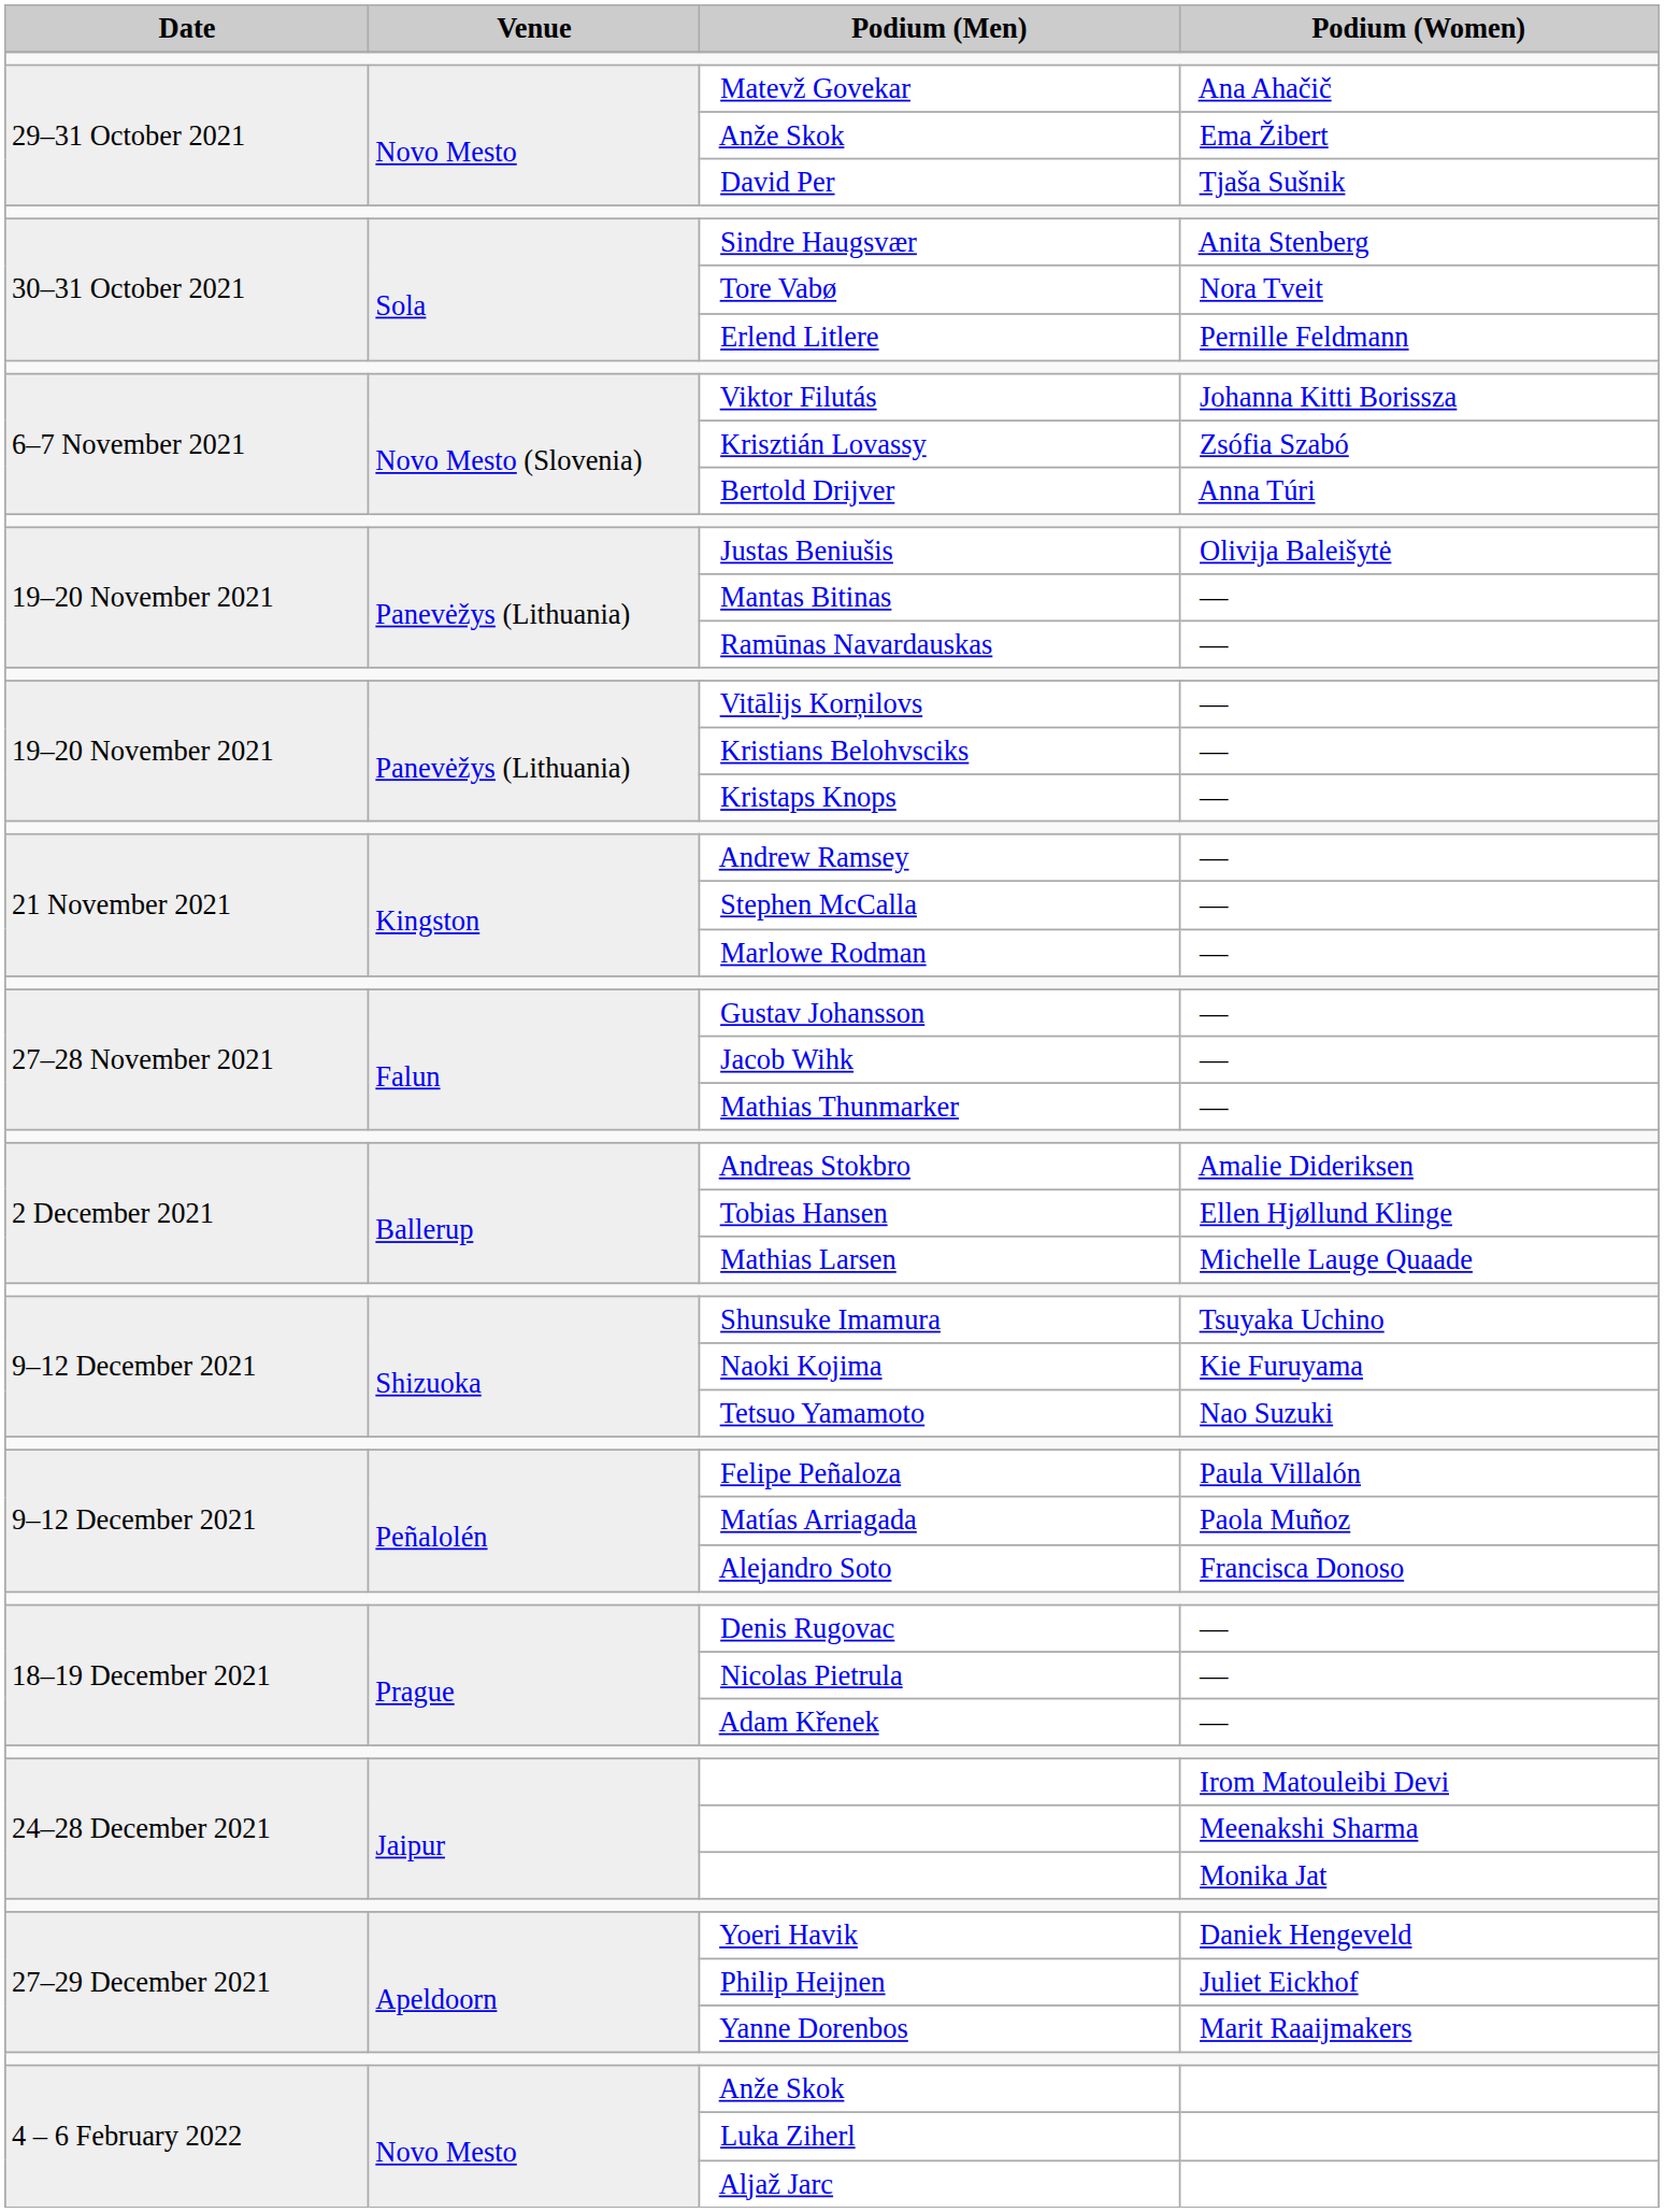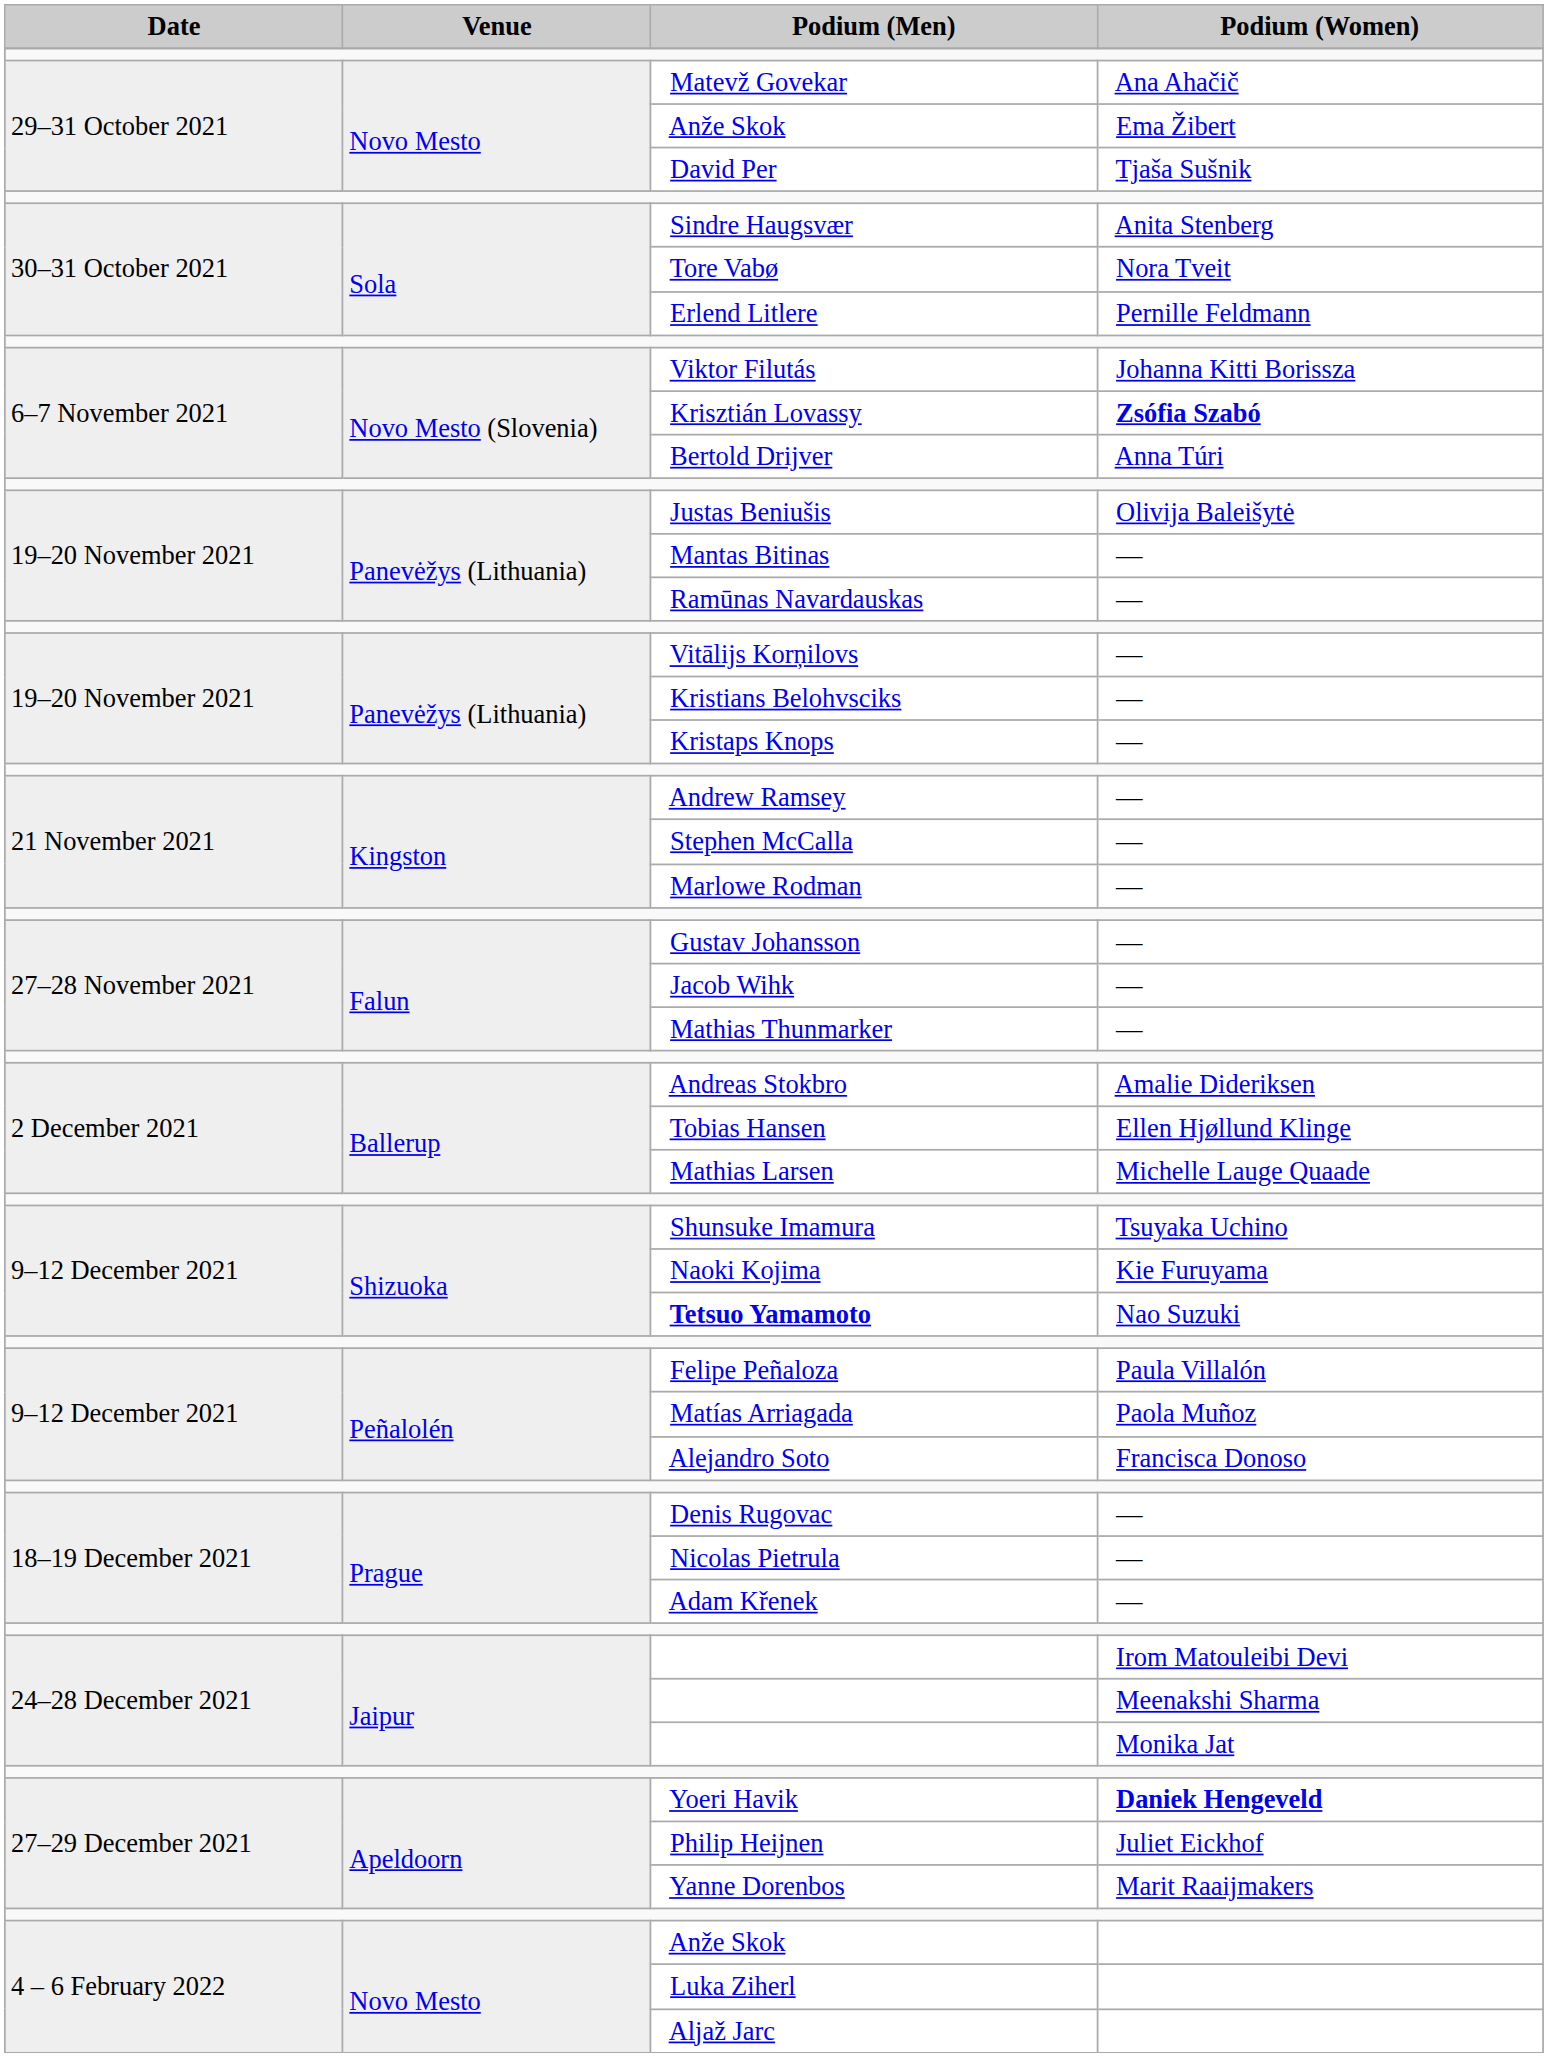 <table class="wikitable" width=70% bgcolor="#f7f8ff" cellpadding="3" cellspacing="0" border="1" style="font-size: 95%; border: gray solid 1px; border-collapse: collapse;">
 <tr bgcolor="#CCCCCC">
 <td align="center"><strong>Date</strong></td>
 <td width=20% align="center"><strong>Venue</strong></td>
 <td width=29% align="center"><strong>Podium (Men)</strong></td>
 <td width=29% align="center"><strong>Podium (Women)</strong></td>
 </tr>
 <tr bgcolor="#EFEFEF">
 </tr>
 <tr>
 <td colspan=4></td>
 </tr>
 <tr bgcolor="#EFEFEF">
 <td rowspan=3>29–31 October 2021</td>
 <td rowspan=3><br><a href='#'>Novo Mesto</a></td>
 <td bgcolor="#ffffff">   <a href='#'>Matevž Govekar</a></td>
 <td bgcolor="#ffffff">   <a href='#'>Ana Ahačič</a></td>
 </tr>
 <tr>
 <td bgcolor="#ffffff">   <a href='#'>Anže Skok</a></td>
 <td bgcolor="#ffffff">   <a href='#'>Ema Žibert</a></td>
 </tr>
 <tr>
 <td bgcolor="#ffffff">   <a href='#'>David Per</a></td>
 <td bgcolor="#ffffff">   <a href='#'>Tjaša Sušnik</a></td>
 </tr>
 <tr>
 <td colspan=4></td>
 </tr>
 <tr bgcolor="#EFEFEF">
 <td rowspan=3>30–31 October 2021</td>
 <td rowspan=3><br><a href='#'>Sola</a></td>
 <td bgcolor="#ffffff">   <a href='#'>Sindre Haugsvær</a></td>
 <td bgcolor="#ffffff">   <a href='#'>Anita Stenberg</a></td>
 </tr>
 <tr>
 <td bgcolor="#ffffff">   <a href='#'>Tore Vabø</a></td>
 <td bgcolor="#ffffff">   <a href='#'>Nora Tveit</a></td>
 </tr>
 <tr>
 <td bgcolor="#ffffff">   <a href='#'>Erlend Litlere</a></td>
 <td bgcolor="#ffffff">   <a href='#'>Pernille Feldmann</a></td>
 </tr>
 <tr>
 <td colspan=4></td>
 </tr>
 <tr bgcolor="#EFEFEF">
 <td rowspan=3>6–7 November 2021</td>
 <td rowspan=3><br><a href='#'>Novo Mesto</a> (Slovenia)</td>
 <td bgcolor="#ffffff">   <a href='#'>Viktor Filutás</a></td>
 <td bgcolor="#ffffff">   <a href='#'>Johanna Kitti Borissza</a></td>
 </tr>
 <tr>
 <td bgcolor="#ffffff">   <a href='#'>Krisztián Lovassy</a></td>
-<td bgcolor="#ffffff">   <a href='#'>Zsófia Szabó</a></td>
+<td bgcolor="#ffffff"><strong>   <a href='#'>Zsófia Szabó</a></strong></td>
 </tr>
 <tr>
 <td bgcolor="#ffffff">   <a href='#'>Bertold Drijver</a></td>
 <td bgcolor="#ffffff">   <a href='#'>Anna Túri</a></td>
 </tr>
 <tr>
 <td colspan=4></td>
 </tr>
 <tr bgcolor="#EFEFEF">
 <td rowspan=3>19–20 November 2021</td>
 <td rowspan=3><br><a href='#'>Panevėžys</a> (Lithuania)</td>
 <td bgcolor="#ffffff">   <a href='#'>Justas Beniušis</a></td>
 <td bgcolor="#ffffff">   <a href='#'>Olivija Baleišytė</a></td>
 </tr>
 <tr>
 <td bgcolor="#ffffff">   <a href='#'>Mantas Bitinas</a></td>
 <td bgcolor="#ffffff">   —</td>
 </tr>
 <tr>
 <td bgcolor="#ffffff">   <a href='#'>Ramūnas Navardauskas</a></td>
 <td bgcolor="#ffffff">   —</td>
 </tr>
 <tr>
 <td colspan=4></td>
 </tr>
 <tr bgcolor="#EFEFEF">
 <td rowspan=3>19–20 November 2021</td>
 <td rowspan=3><br><a href='#'>Panevėžys</a> (Lithuania)</td>
 <td bgcolor="#ffffff">   <a href='#'>Vitālijs Korņilovs</a></td>
 <td bgcolor="#ffffff">   —</td>
 </tr>
 <tr>
 <td bgcolor="#ffffff">   <a href='#'>Kristians Belohvsciks</a></td>
 <td bgcolor="#ffffff">   —</td>
 </tr>
 <tr>
 <td bgcolor="#ffffff">   <a href='#'>Kristaps Knops</a></td>
 <td bgcolor="#ffffff">   —</td>
 </tr>
 <tr>
 <td colspan=4></td>
 </tr>
 <tr bgcolor="#EFEFEF">
 <td rowspan=3>21 November 2021</td>
 <td rowspan=3><br><a href='#'>Kingston</a></td>
 <td bgcolor="#ffffff">   <a href='#'>Andrew Ramsey</a></td>
 <td bgcolor="#ffffff">   —</td>
 </tr>
 <tr>
 <td bgcolor="#ffffff">   <a href='#'>Stephen McCalla</a></td>
 <td bgcolor="#ffffff">   —</td>
 </tr>
 <tr>
 <td bgcolor="#ffffff">   <a href='#'>Marlowe Rodman</a></td>
 <td bgcolor="#ffffff">   —</td>
 </tr>
 <tr>
 <td colspan=4></td>
 </tr>
 <tr bgcolor="#EFEFEF">
 <td rowspan=3>27–28 November 2021</td>
 <td rowspan=3><br><a href='#'>Falun</a></td>
 <td bgcolor="#ffffff">   <a href='#'>Gustav Johansson</a></td>
 <td bgcolor="#ffffff">   —</td>
 </tr>
 <tr>
 <td bgcolor="#ffffff">   <a href='#'>Jacob Wihk</a></td>
 <td bgcolor="#ffffff">   —</td>
 </tr>
 <tr>
 <td bgcolor="#ffffff">   <a href='#'>Mathias Thunmarker</a></td>
 <td bgcolor="#ffffff">   —</td>
 </tr>
 <tr>
 <td colspan=4></td>
 </tr>
 <tr bgcolor="#EFEFEF">
 <td rowspan=3>2 December 2021</td>
 <td rowspan=3><br><a href='#'>Ballerup</a></td>
 <td bgcolor="#ffffff">   <a href='#'>Andreas Stokbro</a></td>
 <td bgcolor="#ffffff">   <a href='#'>Amalie Dideriksen</a></td>
 </tr>
 <tr>
 <td bgcolor="#ffffff">   <a href='#'>Tobias Hansen</a></td>
 <td bgcolor="#ffffff">   <a href='#'>Ellen Hjøllund Klinge</a></td>
 </tr>
 <tr>
 <td bgcolor="#ffffff">   <a href='#'>Mathias Larsen</a></td>
 <td bgcolor="#ffffff">   <a href='#'>Michelle Lauge Quaade</a></td>
 </tr>
 <tr>
 <td colspan=4></td>
 </tr>
 <tr bgcolor="#EFEFEF">
 <td rowspan=3>9–12 December 2021</td>
 <td rowspan=3><br><a href='#'>Shizuoka</a></td>
 <td bgcolor="#ffffff">   <a href='#'>Shunsuke Imamura</a></td>
 <td bgcolor="#ffffff">   <a href='#'>Tsuyaka Uchino</a></td>
 </tr>
 <tr>
 <td bgcolor="#ffffff">   <a href='#'>Naoki Kojima</a></td>
 <td bgcolor="#ffffff">   <a href='#'>Kie Furuyama</a></td>
 </tr>
 <tr>
-<td bgcolor="#ffffff">   <a href='#'>Tetsuo Yamamoto</a></td>
+<td bgcolor="#ffffff"><strong>   <a href='#'>Tetsuo Yamamoto</a></strong></td>
 <td bgcolor="#ffffff">   <a href='#'>Nao Suzuki</a></td>
 </tr>
 <tr>
 <td colspan=4></td>
 </tr>
 <tr bgcolor="#EFEFEF">
 <td rowspan=3>9–12 December 2021</td>
 <td rowspan=3><br><a href='#'>Peñalolén</a></td>
 <td bgcolor="#ffffff">   <a href='#'>Felipe Peñaloza</a></td>
 <td bgcolor="#ffffff">   <a href='#'>Paula Villalón</a></td>
 </tr>
 <tr>
 <td bgcolor="#ffffff">   <a href='#'>Matías Arriagada</a></td>
 <td bgcolor="#ffffff">   <a href='#'>Paola Muñoz</a></td>
 </tr>
 <tr>
 <td bgcolor="#ffffff">   <a href='#'>Alejandro Soto</a></td>
 <td bgcolor="#ffffff">   <a href='#'>Francisca Donoso</a></td>
 </tr>
 <tr>
 <td colspan=4></td>
 </tr>
 <tr bgcolor="#EFEFEF">
 <td rowspan=3>18–19 December 2021</td>
 <td rowspan=3><br><a href='#'>Prague</a></td>
 <td bgcolor="#ffffff">   <a href='#'>Denis Rugovac</a></td>
 <td bgcolor="#ffffff">   —</td>
 </tr>
 <tr>
 <td bgcolor="#ffffff">   <a href='#'>Nicolas Pietrula</a></td>
 <td bgcolor="#ffffff">   —</td>
 </tr>
 <tr>
 <td bgcolor="#ffffff">   <a href='#'>Adam Křenek</a></td>
 <td bgcolor="#ffffff">   —</td>
 </tr>
 <tr>
 <td colspan=4></td>
 </tr>
 <tr bgcolor="#EFEFEF">
 <td rowspan=3>24–28 December 2021</td>
 <td rowspan=3><br><a href='#'>Jaipur</a></td>
 <td bgcolor="#ffffff">  </td>
 <td bgcolor="#ffffff">   <a href='#'>Irom Matouleibi Devi</a></td>
 </tr>
 <tr>
 <td bgcolor="#ffffff">  </td>
 <td bgcolor="#ffffff">   <a href='#'>Meenakshi Sharma</a></td>
 </tr>
 <tr>
 <td bgcolor="#ffffff">  </td>
 <td bgcolor="#ffffff">   <a href='#'>Monika Jat</a></td>
 </tr>
 <tr>
 <td colspan=4></td>
 </tr>
 <tr bgcolor="#EFEFEF">
 <td rowspan=3>27–29 December 2021</td>
 <td rowspan=3><br><a href='#'>Apeldoorn</a></td>
 <td bgcolor="#ffffff">   <a href='#'>Yoeri Havik</a></td>
-<td bgcolor="#ffffff">   <a href='#'>Daniek Hengeveld</a></td>
+<td bgcolor="#ffffff"><strong>   <a href='#'>Daniek Hengeveld</a></strong></td>
 </tr>
 <tr>
 <td bgcolor="#ffffff">   <a href='#'>Philip Heijnen</a></td>
 <td bgcolor="#ffffff">   <a href='#'>Juliet Eickhof</a></td>
 </tr>
 <tr>
 <td bgcolor="#ffffff">   <a href='#'>Yanne Dorenbos</a></td>
 <td bgcolor="#ffffff">   <a href='#'>Marit Raaijmakers</a></td>
 </tr>
 <tr>
 <td colspan=4></td>
 </tr>
 <tr bgcolor="#EFEFEF">
 <td rowspan=3>4 – 6 February 2022</td>
 <td rowspan=3><br><a href='#'>Novo Mesto</a></td>
 <td bgcolor="#ffffff">   <a href='#'>Anže Skok</a></td>
 <td bgcolor="#ffffff">   <a href='#'></a></td>
 </tr>
 <tr>
 <td bgcolor="#ffffff">   <a href='#'>Luka Ziherl</a></td>
 <td bgcolor="#ffffff">   <a href='#'></a></td>
 </tr>
 <tr>
 <td bgcolor="#ffffff">   <a href='#'>Aljaž Jarc</a></td>
 <td bgcolor="#ffffff">   <a href='#'></a></td>
 </tr>
 </table>
